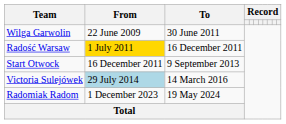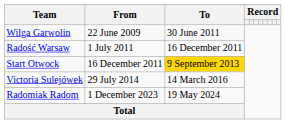 <table class="wikitable" style="text-align: center;">
 <tr>
 <th rowspan="2">Team</th>
 <th rowspan="2">From</th>
 <th rowspan="2">To</th>
 <th colspan="8">Record</th>
 </tr>
 <tr>
 <th></th>
 <th></th>
 <th></th>
 <th></th>
 <th></th>
 <th></th>
 <th></th>
 <th></th>
 </tr>
 <tr>
 <td align=left><a href='#'>Wilga Garwolin</a></td>
 <td align=left>22 June 2009</td>
 <td align=left>30 June 2011<br></td>
 </tr>
 <tr>
 <td align=left><a href='#'>Radość Warsaw</a></td>
-<td align=left style="background: gold;">1 July 2011</td>
+<td align=left>1 July 2011</td>
 <td align=left>16 December 2011<br></td>
 </tr>
 <tr>
 <td align=left><a href='#'>Start Otwock</a></td>
 <td align=left>16 December 2011</td>
-<td align=left>9 September 2013<br></td>
+<td align=left style="background: gold;">9 September 2013<br></td>
 </tr>
 <tr>
 <td align=left><a href='#'>Victoria Sulejówek</a></td>
-<td align=left style="background: lightblue;">29 July 2014</td>
+<td align=left>29 July 2014</td>
 <td align=left>14 March 2016<br></td>
 </tr>
 <tr>
 <td align=left><a href='#'>Radomiak Radom</a></td>
 <td align=left>1 December 2023</td>
 <td align=left>19 May 2024<br></td>
 </tr>
 <tr>
 <th colspan="3">Total<br></th>
 </tr>
 </table>
